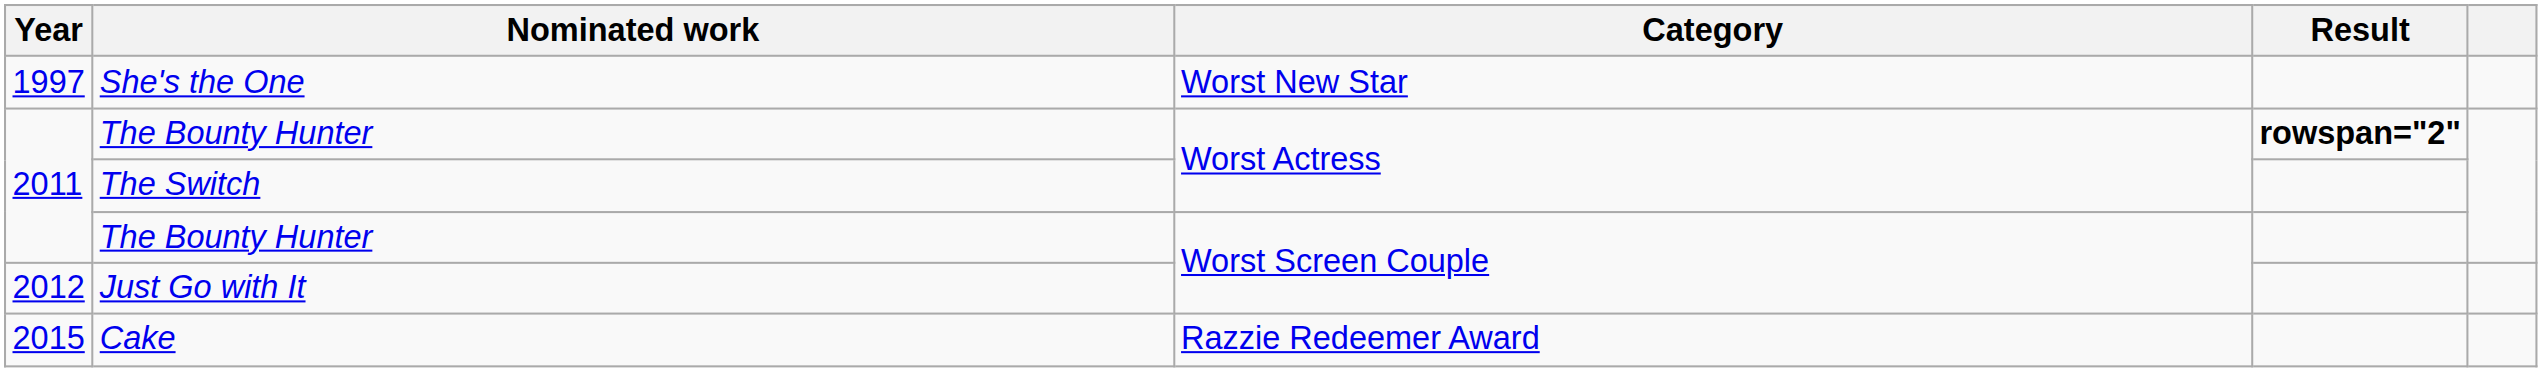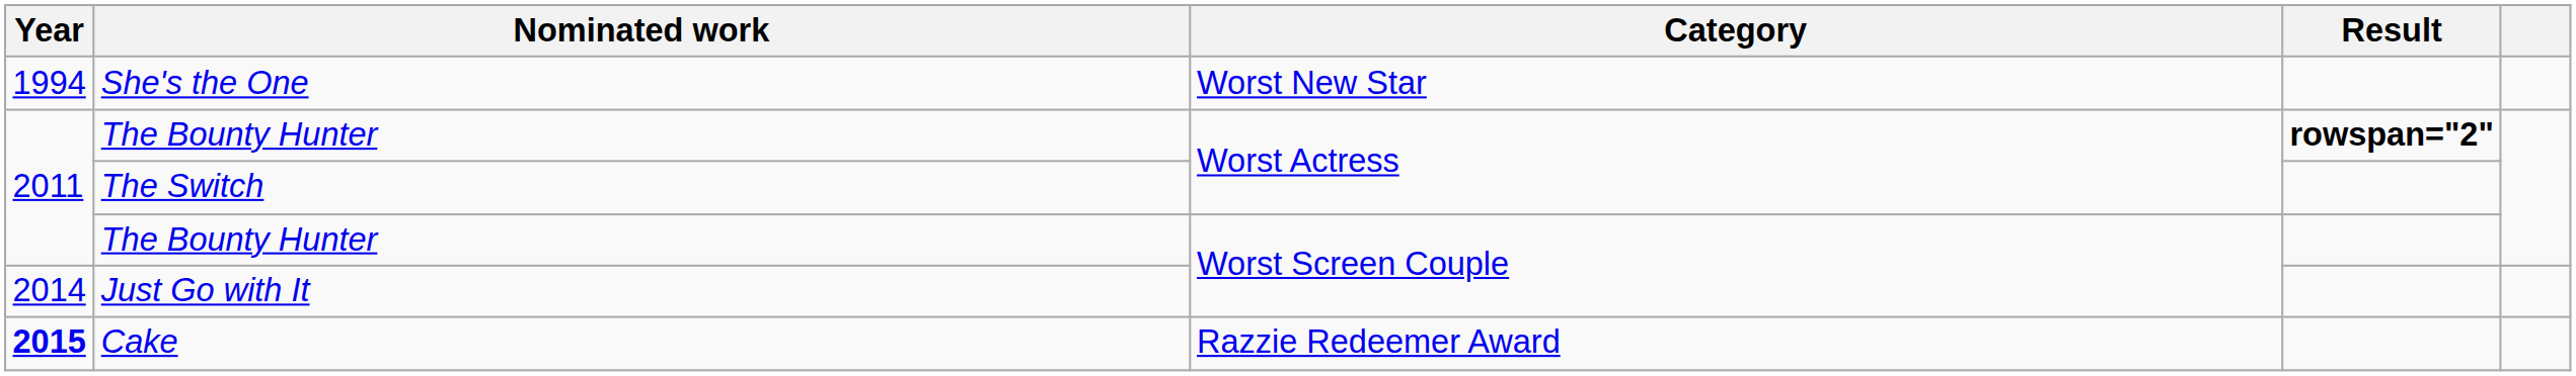 <table class="wikitable sortable">
 <tr>
 <th scope="col" style="width:1em;">Year</th>
 <th scope="col" style="width:39em;">Nominated work</th>
 <th scope="col" style="width:39em;">Category</th>
 <th scope="col" style="width:5em;">Result</th>
 <th scope="col" style="width:2em;" class="unsortable"></th>
 </tr>
 <tr>
-<td><a href='#'>1997</a></td>
+<td><a href='#'>1994</a></td>
 <td><em><a href='#'>She's the One</a></em></td>
 <td><a href='#'>Worst New Star</a></td>
 <td></td>
 <td></td>
 </tr>
 <tr>
 <td rowspan="3"><a href='#'>2011</a></td>
 <td><em><a href='#'>The Bounty Hunter</a></em></td>
 <td rowspan="2"><a href='#'>Worst Actress</a></td>
 <td><strong>rowspan="2" </strong></td>
 <td rowspan="3"></td>
 </tr>
 <tr>
 <td><em><a href='#'>The Switch</a></em></td>
 </tr>
 <tr>
 <td><em><a href='#'>The Bounty Hunter</a></em></td>
 <td rowspan="2"><a href='#'>Worst Screen Couple</a></td>
 <td></td>
 </tr>
 <tr>
-<td><a href='#'>2012</a></td>
+<td><a href='#'>2014</a></td>
 <td><em><a href='#'>Just Go with It</a></em></td>
 <td></td>
 <td></td>
 </tr>
 <tr>
-<td><a href='#'>2015</a></td>
+<td><strong><a href='#'>2015</a></strong></td>
 <td><em><a href='#'>Cake</a></em></td>
 <td><a href='#'>Razzie Redeemer Award</a></td>
 <td></td>
 <td></td>
 </tr>
 </table>
